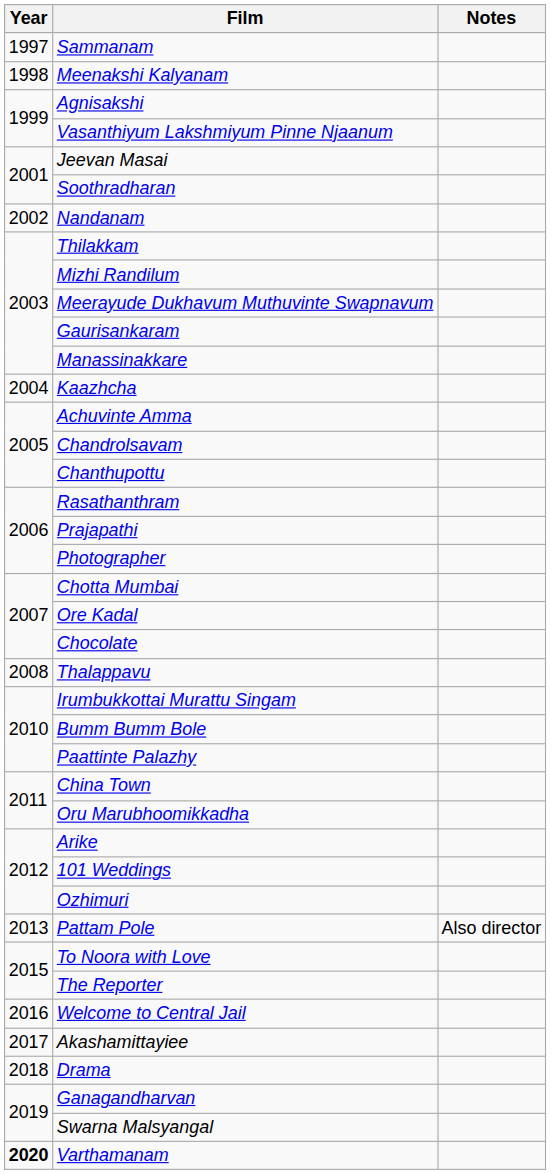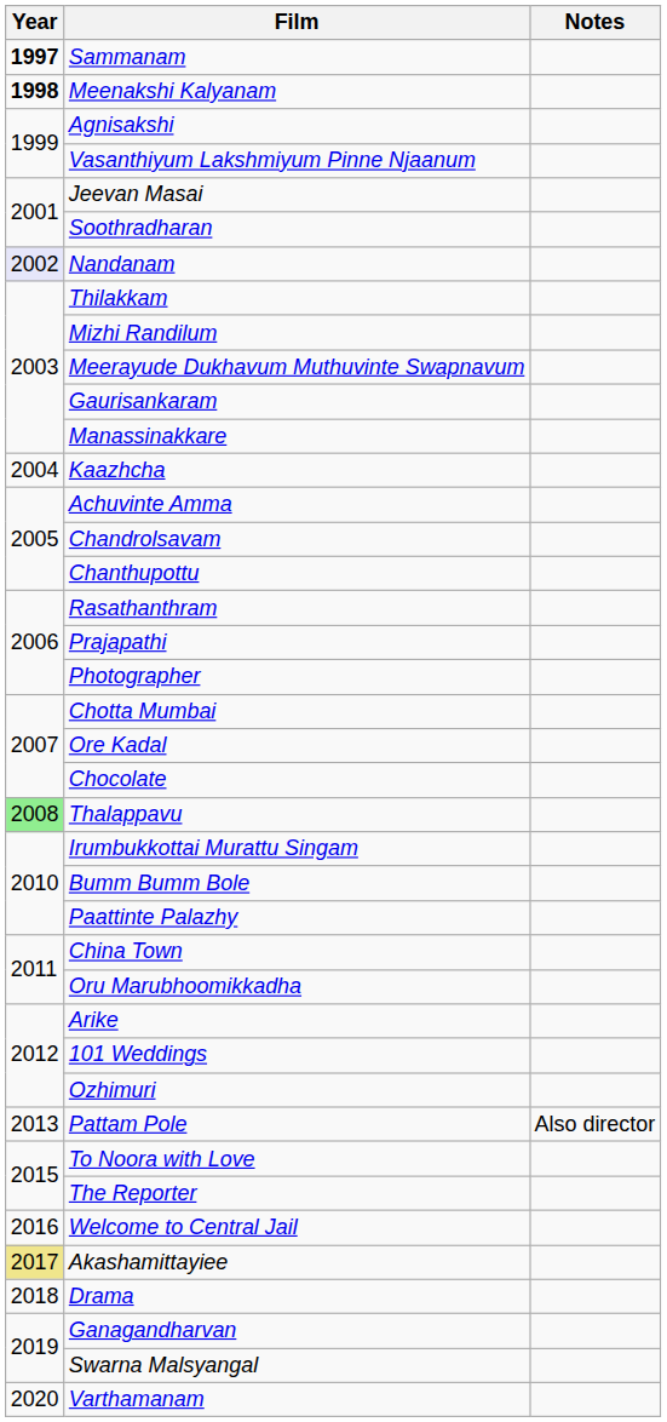 <table class="wikitable sortable">
 <tr style="background:#ccc; text-align:center;">
 <th>Year</th>
 <th>Film</th>
 <th>Notes</th>
 </tr>
 <tr>
-<td>1997</td>
+<td><strong>1997</strong></td>
 <td><em><a href='#'>Sammanam</a></em></td>
 <td></td>
 </tr>
 <tr>
-<td>1998</td>
+<td><strong>1998</strong></td>
 <td><em><a href='#'>Meenakshi Kalyanam</a></em></td>
 <td></td>
 </tr>
 <tr>
 <td rowspan="2">1999</td>
 <td><em><a href='#'>Agnisakshi</a></em></td>
 <td></td>
 </tr>
 <tr>
 <td><em><a href='#'>Vasanthiyum Lakshmiyum Pinne Njaanum</a></em></td>
 <td></td>
 </tr>
 <tr>
 <td rowspan="2">2001</td>
 <td><em>Jeevan Masai</em></td>
 <td></td>
 </tr>
 <tr>
 <td><em><a href='#'>Soothradharan</a></em></td>
 <td></td>
 </tr>
 <tr>
-<td>2002</td>
+<td style="background: lavender;">2002</td>
 <td><a href='#'><em>Nandanam</em></a></td>
 <td></td>
 </tr>
 <tr>
 <td rowspan="5">2003</td>
 <td><em><a href='#'>Thilakkam</a></em></td>
 <td></td>
 </tr>
 <tr>
 <td><em><a href='#'>Mizhi Randilum</a></em></td>
 <td></td>
 </tr>
 <tr>
 <td><em><a href='#'>Meerayude Dukhavum Muthuvinte Swapnavum</a></em></td>
 <td></td>
 </tr>
 <tr>
 <td><em><a href='#'>Gaurisankaram</a></em></td>
 <td></td>
 </tr>
 <tr>
 <td><em><a href='#'>Manassinakkare</a></em></td>
 <td></td>
 </tr>
 <tr>
 <td>2004</td>
 <td><em><a href='#'>Kaazhcha</a></em></td>
 <td></td>
 </tr>
 <tr>
 <td rowspan="3">2005</td>
 <td><em><a href='#'>Achuvinte Amma</a></em></td>
 <td></td>
 </tr>
 <tr>
 <td><em><a href='#'>Chandrolsavam</a></em></td>
 <td></td>
 </tr>
 <tr>
 <td><em><a href='#'>Chanthupottu</a></em></td>
 <td></td>
 </tr>
 <tr>
 <td rowspan="3">2006</td>
 <td><em><a href='#'>Rasathanthram</a></em></td>
 <td></td>
 </tr>
 <tr>
 <td><em><a href='#'>Prajapathi</a></em></td>
 <td></td>
 </tr>
 <tr>
 <td><a href='#'><em>Photographer</em></a></td>
 <td></td>
 </tr>
 <tr>
 <td rowspan="3">2007</td>
 <td><em><a href='#'>Chotta Mumbai</a></em></td>
 <td></td>
 </tr>
 <tr>
 <td><em><a href='#'>Ore Kadal</a></em></td>
 <td></td>
 </tr>
 <tr>
 <td><a href='#'><em>Chocolate</em></a></td>
 <td></td>
 </tr>
 <tr>
-<td>2008</td>
+<td style="background: lightgreen;">2008</td>
 <td><em><a href='#'>Thalappavu</a></em></td>
 <td></td>
 </tr>
 <tr>
 <td rowspan="3">2010</td>
 <td><em><a href='#'>Irumbukkottai Murattu Singam</a></em></td>
 <td></td>
 </tr>
 <tr>
 <td><em><a href='#'>Bumm Bumm Bole</a></em></td>
 <td></td>
 </tr>
 <tr>
 <td><em><a href='#'>Paattinte Palazhy</a></em></td>
 <td></td>
 </tr>
 <tr>
 <td rowspan="2">2011</td>
 <td><a href='#'><em>China Town</em></a></td>
 <td></td>
 </tr>
 <tr>
 <td><em><a href='#'>Oru Marubhoomikkadha</a></em></td>
 <td></td>
 </tr>
 <tr>
 <td rowspan="3">2012</td>
 <td><a href='#'><em>Arike</em></a></td>
 <td></td>
 </tr>
 <tr>
 <td><em><a href='#'>101 Weddings</a></em></td>
 <td></td>
 </tr>
 <tr>
 <td><em><a href='#'>Ozhimuri</a></em></td>
 <td></td>
 </tr>
 <tr>
 <td>2013</td>
 <td><em><a href='#'>Pattam Pole</a></em></td>
 <td>Also director</td>
 </tr>
 <tr>
 <td rowspan="2">2015</td>
 <td><em><a href='#'>To Noora with Love</a></em></td>
 <td></td>
 </tr>
 <tr>
 <td><a href='#'><em>The Reporter</em></a></td>
 <td></td>
 </tr>
 <tr>
 <td>2016</td>
 <td><em><a href='#'>Welcome to Central Jail</a></em></td>
 <td></td>
 </tr>
 <tr>
-<td>2017</td>
+<td style="background: khaki;">2017</td>
 <td><em>Akashamittayiee</em></td>
 <td></td>
 </tr>
 <tr>
 <td>2018</td>
 <td><a href='#'><em>Drama</em></a></td>
 <td></td>
 </tr>
 <tr>
 <td rowspan="2">2019</td>
 <td><em><a href='#'>Ganagandharvan</a></em></td>
 <td></td>
 </tr>
 <tr>
 <td><em>Swarna Malsyangal</em></td>
 <td></td>
 </tr>
 <tr>
-<td><strong>2020</strong></td>
+<td>2020</td>
 <td><em><a href='#'>Varthamanam</a></em></td>
 <td></td>
 </tr>
 </table>
